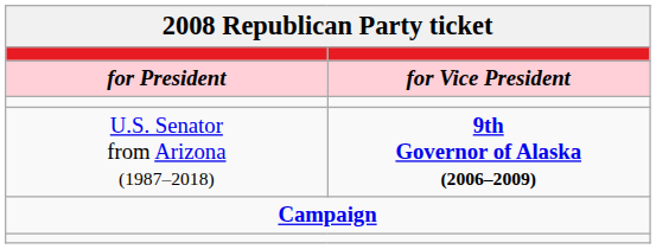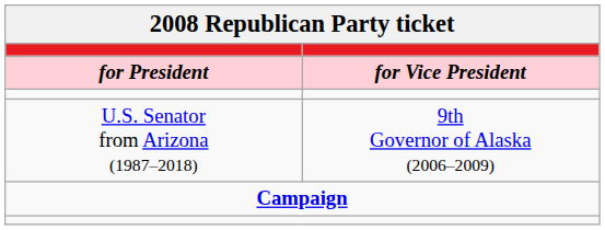 <table class="wikitable" style="font-size:90%; text-align:center;">
 <tr>
 <td style="background:#f1f1f1;" colspan="30"><big><strong>2008 Republican Party ticket</strong></big></td>
 </tr>
 <tr>
 <th style="width:3em; font-size:135%; background:#E81B23; width:200px;"><a href='#'></a></th>
 <th style="width:3em; font-size:135%; background:#E81B23; width:200px;"><a href='#'></a></th>
 </tr>
 <tr style="color:#000; font-size:100%; background:#ffd0d7;">
 <td style="width:3em; width:200px;"><strong><em>for President</em></strong></td>
 <td style="width:3em; width:200px;"><strong><em>for Vice President</em></strong></td>
 </tr>
 <tr>
 <td></td>
 <td></td>
 </tr>
 <tr>
 <td><a href='#'>U.S. Senator</a><br>from <a href='#'>Arizona</a><br><small>(1987–2018)</small></td>
-<td><strong><a href='#'>9th</a><br><a href='#'>Governor of Alaska</a><br><small>(2006–2009)</small></strong></td>
+<td><a href='#'>9th</a><br><a href='#'>Governor of Alaska</a><br><small>(2006–2009)</small></td>
 </tr>
 <tr>
 <td colspan=2><a href='#'><strong>Campaign</strong></a></td>
 </tr>
 <tr>
 <td colspan=2></td>
 </tr>
 </table>
